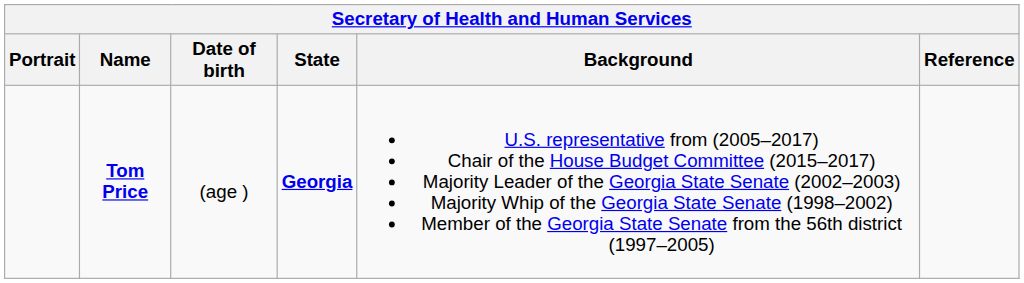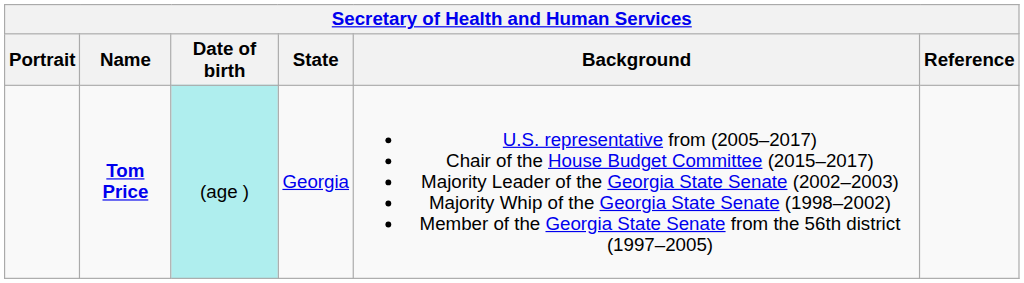 <table class="wikitable collapsible" style="text-align:center;">
 <tr>
 <th colspan="6"><a href='#'>Secretary of Health and Human Services</a></th>
 </tr>
 <tr>
 <th>Portrait</th>
 <th>Name</th>
 <th>Date of birth</th>
 <th>State</th>
 <th>Background</th>
 <th>Reference</th>
 </tr>
 <tr>
 <td></td>
 <td><strong><a href='#'>Tom Price</a></strong></td>
-<td><br>(age )</td>
-<td><strong> <a href='#'>Georgia</a></strong></td>
+<td style="background: paleturquoise;"><br>(age )</td>
+<td> <a href='#'>Georgia</a></td>
 <td><br><ul><li><a href='#'>U.S. representative</a> from  (2005–2017)</li><li>Chair of the <a href='#'>House Budget Committee</a> (2015–2017)</li><li>Majority Leader of the <a href='#'>Georgia State Senate</a> (2002–2003)</li><li>Majority Whip of the <a href='#'>Georgia State Senate</a> (1998–2002)</li><li>Member of the <a href='#'>Georgia State Senate</a> from the 56th district (1997–2005)</li></ul></td>
 <td></td>
 </tr>
 </table>
